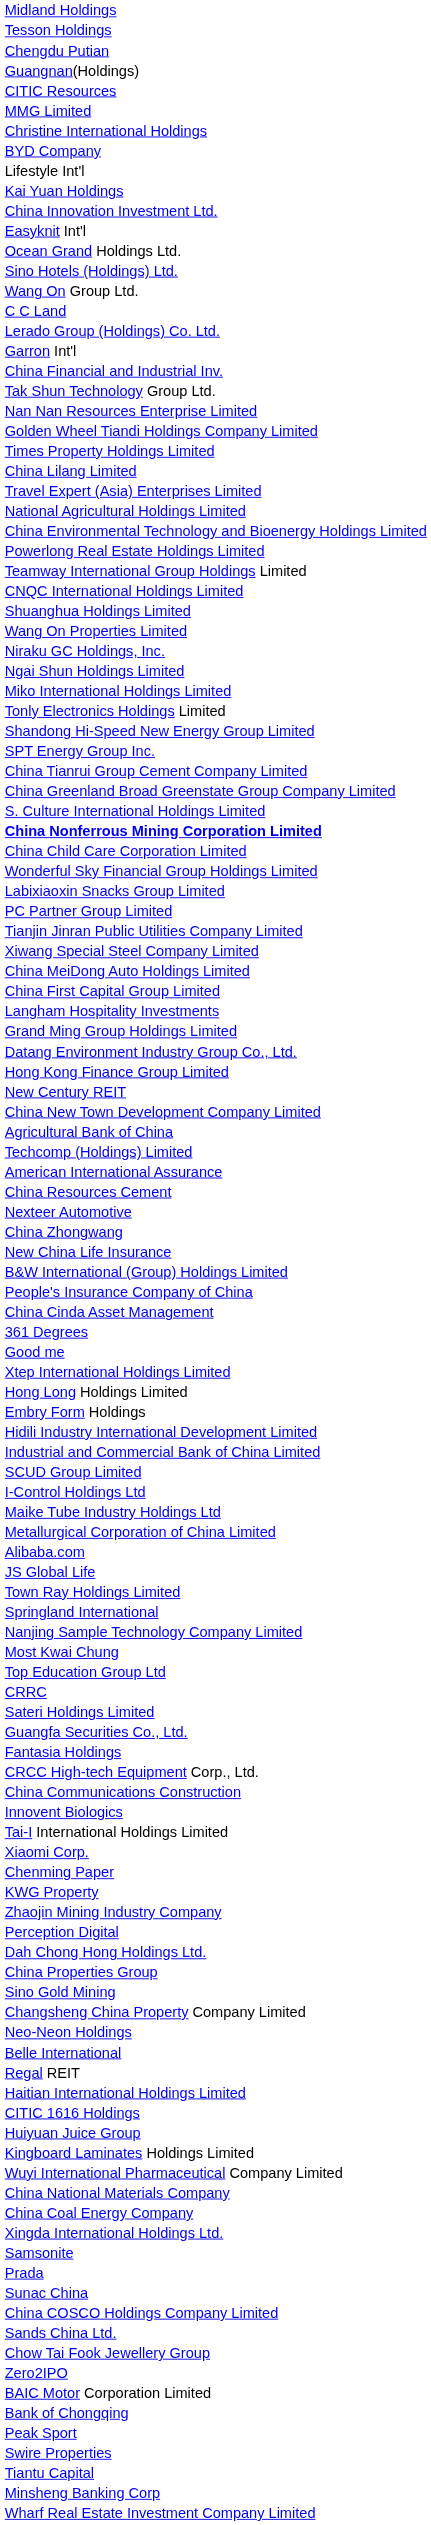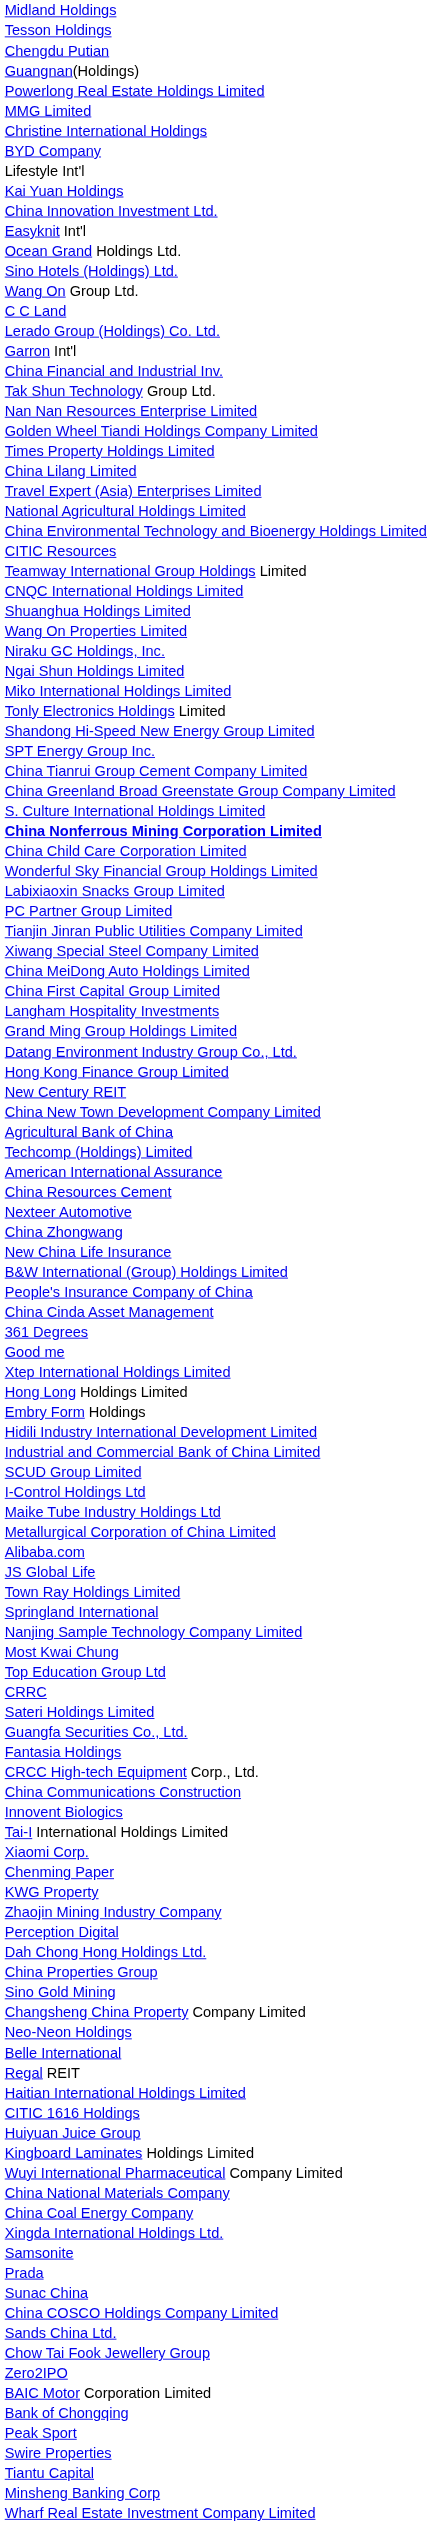 <table>
 <tr>
 <td> <a href='#'>Midland Holdings</a></td>
 </tr>
 <tr>
 <td> <a href='#'>Tesson Holdings</a></td>
 </tr>
 <tr>
 <td> <a href='#'>Chengdu Putian</a></td>
 </tr>
 <tr>
 <td> <a href='#'>Guangnan</a>(Holdings)</td>
 </tr>
 <tr>
-<td> <a href='#'>CITIC Resources</a></td>
+<td> <a href='#'>Powerlong Real Estate Holdings Limited</a></td>
 </tr>
 <tr>
 <td> <a href='#'>MMG Limited</a></td>
 </tr>
 <tr>
 <td> <a href='#'>Christine International Holdings</a></td>
 </tr>
 <tr>
 <td> <a href='#'>BYD Company</a></td>
 </tr>
 <tr>
 <td> Lifestyle Int'l</td>
 </tr>
 <tr>
 <td> <a href='#'>Kai Yuan Holdings</a></td>
 </tr>
 <tr>
 <td> <a href='#'>China Innovation Investment Ltd.</a></td>
 </tr>
 <tr>
 <td> <a href='#'>Easyknit</a> Int'l</td>
 </tr>
 <tr>
 <td> <a href='#'>Ocean Grand</a> Holdings Ltd.</td>
 </tr>
 <tr>
 <td> <a href='#'>Sino Hotels (Holdings) Ltd.</a></td>
 </tr>
 <tr>
 <td> <a href='#'>Wang On</a> Group Ltd.</td>
 </tr>
 <tr>
 <td> <a href='#'>C C Land</a></td>
 </tr>
 <tr>
 <td> <a href='#'>Lerado Group (Holdings) Co. Ltd.</a></td>
 </tr>
 <tr>
 <td> <a href='#'>Garron</a> Int'l</td>
 </tr>
 <tr>
 <td> <a href='#'>China Financial and Industrial Inv.</a></td>
 </tr>
 <tr>
 <td> <a href='#'>Tak Shun Technology</a> Group Ltd.</td>
 </tr>
 <tr>
 <td> <a href='#'>Nan Nan Resources Enterprise Limited</a></td>
 </tr>
 <tr>
 <td> <a href='#'>Golden Wheel Tiandi Holdings Company Limited</a></td>
 </tr>
 <tr>
 <td> <a href='#'>Times Property Holdings Limited</a></td>
 </tr>
 <tr>
 <td> <a href='#'>China Lilang Limited</a></td>
 </tr>
 <tr>
 <td> <a href='#'>Travel Expert (Asia) Enterprises Limited</a></td>
 </tr>
 <tr>
 <td> <a href='#'>National Agricultural Holdings Limited</a></td>
 </tr>
 <tr>
 <td> <a href='#'>China Environmental Technology and Bioenergy Holdings Limited</a></td>
 </tr>
 <tr>
-<td> <a href='#'>Powerlong Real Estate Holdings Limited</a></td>
+<td> <a href='#'>CITIC Resources</a></td>
 </tr>
 <tr>
 <td> <a href='#'>Teamway International Group Holdings</a> Limited</td>
 </tr>
 <tr>
 <td> <a href='#'>CNQC International Holdings Limited</a></td>
 </tr>
 <tr>
 <td> <a href='#'>Shuanghua Holdings Limited</a></td>
 </tr>
 <tr>
 <td> <a href='#'>Wang On Properties Limited</a></td>
 </tr>
 <tr>
 <td> <a href='#'>Niraku GC Holdings, Inc.</a></td>
 </tr>
 <tr>
 <td> <a href='#'>Ngai Shun Holdings Limited</a></td>
 </tr>
 <tr>
 <td> <a href='#'>Miko International Holdings Limited</a></td>
 </tr>
 <tr>
 <td> <a href='#'>Tonly Electronics Holdings</a> Limited</td>
 </tr>
 <tr>
 <td> <a href='#'>Shandong Hi-Speed New Energy Group Limited</a></td>
 </tr>
 <tr>
 <td> <a href='#'>SPT Energy Group Inc.</a></td>
 </tr>
 <tr>
 <td> <a href='#'>China Tianrui Group Cement Company Limited</a></td>
 </tr>
 <tr>
 <td> <a href='#'>China Greenland Broad Greenstate Group Company Limited</a></td>
 </tr>
 <tr>
 <td> <a href='#'>S. Culture International Holdings Limited</a></td>
 </tr>
 <tr>
 <td><strong> <a href='#'>China Nonferrous Mining Corporation Limited</a></strong></td>
 </tr>
 <tr>
 <td> <a href='#'>China Child Care Corporation Limited</a></td>
 </tr>
 <tr>
 <td> <a href='#'>Wonderful Sky Financial Group Holdings Limited</a></td>
 </tr>
 <tr>
 <td> <a href='#'>Labixiaoxin Snacks Group Limited</a></td>
 </tr>
 <tr>
 <td> <a href='#'>PC Partner Group Limited</a></td>
 </tr>
 <tr>
 <td> <a href='#'>Tianjin Jinran Public Utilities Company Limited</a></td>
 </tr>
 <tr>
 <td> <a href='#'>Xiwang Special Steel Company Limited</a></td>
 </tr>
 <tr>
 <td> <a href='#'>China MeiDong Auto Holdings Limited</a></td>
 </tr>
 <tr>
 <td> <a href='#'>China First Capital Group Limited</a></td>
 </tr>
 <tr>
 <td> <a href='#'>Langham Hospitality Investments</a></td>
 </tr>
 <tr>
 <td> <a href='#'>Grand Ming Group Holdings Limited</a></td>
 </tr>
 <tr>
 <td> <a href='#'>Datang Environment Industry Group Co., Ltd.</a></td>
 </tr>
 <tr>
 <td> <a href='#'>Hong Kong Finance Group Limited</a></td>
 </tr>
 <tr>
 <td> <a href='#'>New Century REIT</a></td>
 </tr>
 <tr>
 <td> <a href='#'>China New Town Development Company Limited</a></td>
 </tr>
 <tr>
 <td> <a href='#'>Agricultural Bank of China</a></td>
 </tr>
 <tr>
 <td> <a href='#'>Techcomp (Holdings) Limited</a></td>
 </tr>
 <tr>
 <td> <a href='#'>American International Assurance</a></td>
 </tr>
 <tr>
 <td> <a href='#'>China Resources Cement</a></td>
 </tr>
 <tr>
 <td> <a href='#'>Nexteer Automotive</a></td>
 </tr>
 <tr>
 <td> <a href='#'>China Zhongwang</a></td>
 </tr>
 <tr>
 <td> <a href='#'>New China Life Insurance</a></td>
 </tr>
 <tr>
 <td> <a href='#'>B&W International (Group) Holdings Limited</a></td>
 </tr>
 <tr>
 <td> <a href='#'>People's Insurance Company of China</a></td>
 </tr>
 <tr>
 <td> <a href='#'>China Cinda Asset Management</a></td>
 </tr>
 <tr>
 <td> <a href='#'>361 Degrees</a></td>
 </tr>
 <tr>
 <td> <a href='#'>Good me</a></td>
 </tr>
 <tr>
 <td> <a href='#'>Xtep International Holdings Limited</a></td>
 </tr>
 <tr>
 <td> <a href='#'>Hong Long</a> Holdings Limited</td>
 </tr>
 <tr>
 <td> <a href='#'>Embry Form</a> Holdings</td>
 </tr>
 <tr>
 <td> <a href='#'>Hidili Industry International Development Limited</a></td>
 </tr>
 <tr>
 <td> <a href='#'>Industrial and Commercial Bank of China Limited</a></td>
 </tr>
 <tr>
 <td> <a href='#'>SCUD Group Limited</a></td>
 </tr>
 <tr>
 <td> <a href='#'>I-Control Holdings Ltd</a></td>
 </tr>
 <tr>
 <td> <a href='#'>Maike Tube Industry Holdings Ltd</a></td>
 </tr>
 <tr>
 <td> <a href='#'>Metallurgical Corporation of China Limited</a></td>
 </tr>
 <tr>
 <td> <a href='#'>Alibaba.com</a></td>
 </tr>
 <tr>
 <td> <a href='#'>JS Global Life</a></td>
 </tr>
 <tr>
 <td> <a href='#'>Town Ray Holdings Limited</a></td>
 </tr>
 <tr>
 <td> <a href='#'>Springland International</a></td>
 </tr>
 <tr>
 <td> <a href='#'>Nanjing Sample Technology Company Limited</a></td>
 </tr>
 <tr>
 <td> <a href='#'>Most Kwai Chung</a></td>
 </tr>
 <tr>
 <td> <a href='#'>Top Education Group Ltd</a></td>
 </tr>
 <tr>
 <td> <a href='#'>CRRC</a></td>
 </tr>
 <tr>
 <td> <a href='#'>Sateri Holdings Limited</a></td>
 </tr>
 <tr>
 <td> <a href='#'>Guangfa Securities Co., Ltd.</a></td>
 </tr>
 <tr>
 <td> <a href='#'>Fantasia Holdings</a></td>
 </tr>
 <tr>
 <td> <a href='#'>CRCC High-tech Equipment</a> Corp., Ltd.</td>
 </tr>
 <tr>
 <td> <a href='#'>China Communications Construction</a></td>
 </tr>
 <tr>
 <td> <a href='#'>Innovent Biologics</a></td>
 </tr>
 <tr>
 <td> <a href='#'>Tai-I</a> International Holdings Limited</td>
 </tr>
 <tr>
 <td> <a href='#'>Xiaomi Corp.</a></td>
 </tr>
 <tr>
 <td> <a href='#'>Chenming Paper</a></td>
 </tr>
 <tr>
 <td> <a href='#'>KWG Property</a></td>
 </tr>
 <tr>
 <td> <a href='#'>Zhaojin Mining Industry Company</a></td>
 </tr>
 <tr>
 <td> <a href='#'>Perception Digital</a></td>
 </tr>
 <tr>
 <td> <a href='#'>Dah Chong Hong Holdings Ltd.</a></td>
 </tr>
 <tr>
 <td> <a href='#'>China Properties Group</a></td>
 </tr>
 <tr>
 <td> <a href='#'>Sino Gold Mining</a></td>
 </tr>
 <tr>
 <td> <a href='#'>Changsheng China Property</a> Company Limited</td>
 </tr>
 <tr>
 <td> <a href='#'>Neo-Neon Holdings</a></td>
 </tr>
 <tr>
 <td> <a href='#'>Belle International</a></td>
 </tr>
 <tr>
 <td> <a href='#'>Regal</a> REIT</td>
 </tr>
 <tr>
 <td> <a href='#'>Haitian International Holdings Limited</a></td>
 </tr>
 <tr>
 <td> <a href='#'>CITIC 1616 Holdings</a></td>
 </tr>
 <tr>
 <td> <a href='#'>Huiyuan Juice Group</a></td>
 </tr>
 <tr>
 <td> <a href='#'>Kingboard Laminates</a> Holdings Limited</td>
 </tr>
 <tr>
 <td> <a href='#'>Wuyi International Pharmaceutical</a> Company Limited</td>
 </tr>
 <tr>
 <td> <a href='#'>China National Materials Company</a></td>
 </tr>
 <tr>
 <td> <a href='#'>China Coal Energy Company</a></td>
 </tr>
 <tr>
 <td> <a href='#'>Xingda International Holdings Ltd.</a></td>
 </tr>
 <tr>
 <td> <a href='#'>Samsonite</a></td>
 </tr>
 <tr>
 <td> <a href='#'>Prada</a></td>
 </tr>
 <tr>
 <td> <a href='#'>Sunac China</a></td>
 </tr>
 <tr>
 <td> <a href='#'>China COSCO Holdings Company Limited</a></td>
 </tr>
 <tr>
 <td> <a href='#'>Sands China Ltd.</a></td>
 </tr>
 <tr>
 <td> <a href='#'>Chow Tai Fook Jewellery Group</a></td>
 </tr>
 <tr>
 <td> <a href='#'>Zero2IPO</a></td>
 </tr>
 <tr>
 <td> <a href='#'>BAIC Motor</a> Corporation Limited</td>
 </tr>
 <tr>
 <td> <a href='#'>Bank of Chongqing</a></td>
 </tr>
 <tr>
 <td> <a href='#'>Peak Sport</a></td>
 </tr>
 <tr>
 <td> <a href='#'>Swire Properties</a></td>
 </tr>
 <tr>
 <td> <a href='#'>Tiantu Capital</a></td>
 </tr>
 <tr>
 <td> <a href='#'>Minsheng Banking Corp</a></td>
 </tr>
 <tr>
 <td> <a href='#'>Wharf Real Estate Investment Company Limited</a></td>
 </tr>
 </table>
